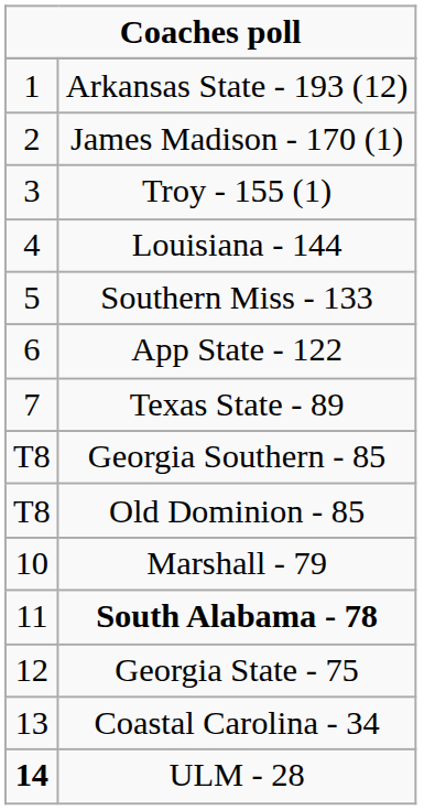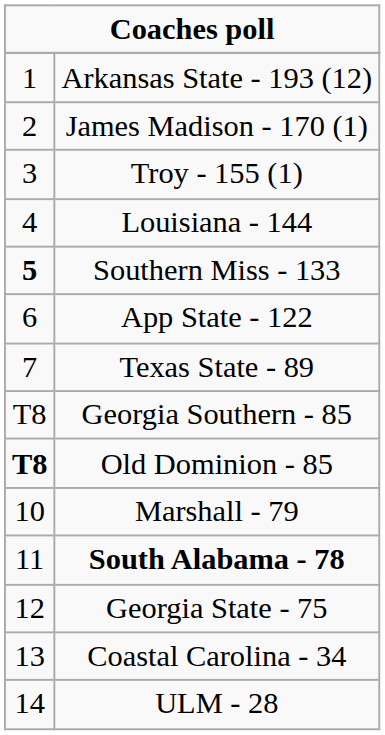 <table class="wikitable" style="display: inline-table;">
 <tr>
 <td align="center" Colspan="3"><strong>Coaches poll</strong></td>
 </tr>
 <tr align="center">
 </tr>
 <tr align="center">
 <td>1</td>
 <td>Arkansas State - 193 (12)</td>
 </tr>
 <tr align="center">
 <td>2</td>
 <td>James Madison - 170 (1)</td>
 </tr>
 <tr align="center">
 <td>3</td>
 <td>Troy - 155 (1)</td>
 </tr>
 <tr align="center">
 <td>4</td>
 <td>Louisiana - 144</td>
 </tr>
 <tr align="center">
-<td>5</td>
+<td><strong>5</strong></td>
 <td>Southern Miss - 133</td>
 </tr>
 <tr align="center">
 <td>6</td>
 <td>App State - 122</td>
 </tr>
 <tr align="center">
 <td>7</td>
 <td>Texas State - 89</td>
 </tr>
 <tr align="center">
 <td>T8</td>
 <td>Georgia Southern - 85</td>
 </tr>
 <tr align="center">
-<td>T8</td>
+<td><strong>T8</strong></td>
 <td>Old Dominion - 85</td>
 </tr>
 <tr align="center">
 <td>10</td>
 <td>Marshall - 79</td>
 </tr>
 <tr align="center">
 <td>11</td>
 <td><strong>South Alabama - 78</strong></td>
 </tr>
 <tr align="center">
 <td>12</td>
 <td>Georgia State - 75</td>
 </tr>
 <tr align="center">
 <td>13</td>
 <td>Coastal Carolina - 34</td>
 </tr>
 <tr align="center">
-<td><strong>14</strong></td>
+<td>14</td>
 <td>ULM - 28</td>
 </tr>
 </table>
